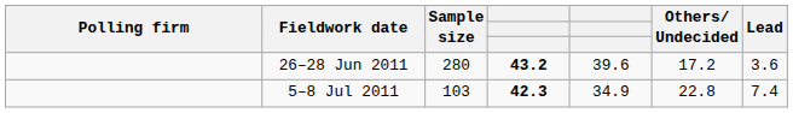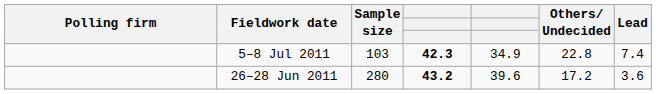 <table class="wikitable collapsible" style="text-align:center; font-size:95%; line-height:16px;">
 <tr>
 <th rowspan="3" style="width:200px;">Polling firm</th>
 <th rowspan="3" style="width:125px;">Fieldwork date</th>
 <th rowspan="3" style="width:40px;">Sample size</th>
 <th class="unsortable" style="width:60px;"></th>
 <th class="unsortable" style="width:60px;"></th>
 <th rowspan="3" style="width:60px;">Others/<br>Undecided</th>
 <th rowspan="3" style="width:30px;">Lead</th>
 </tr>
 <tr>
 <th style="color:inherit;background:"></th>
 <th style="color:inherit;background:"></th>
 </tr>
 <tr>
 <th></th>
 <th></th>
 </tr>
 <tr>
 <td></td>
+<td>5–8 Jul 2011</td>
+<td>103</td>
+<td><strong>42.3</strong></td>
+<td>34.9</td>
+<td>22.8</td>
+<td style="background:">7.4</td>
+</tr>
+<tr>
+<td></td>
 <td>26–28 Jun 2011</td>
 <td>280</td>
 <td><strong>43.2</strong></td>
 <td>39.6</td>
 <td>17.2</td>
 <td style="background:">3.6</td>
 </tr>
-<tr>
-<td></td>
-<td>5–8 Jul 2011</td>
-<td>103</td>
-<td><strong>42.3</strong></td>
-<td>34.9</td>
-<td>22.8</td>
-<td style="background:">7.4</td>
-</tr>
 </table>
